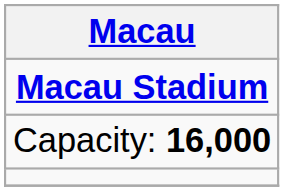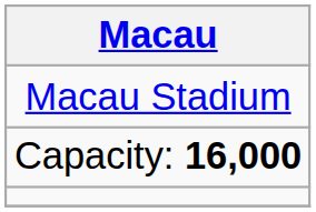 <table class="wikitable" style="text-align:center">
 <tr>
 <th><a href='#'>Macau</a></th>
 </tr>
 <tr>
-<td><strong><a href='#'>Macau Stadium</a></strong></td>
+<td><a href='#'>Macau Stadium</a></td>
 </tr>
 <tr>
 <td>Capacity: <strong>16,000</strong></td>
 </tr>
 <tr>
 <td></td>
 </tr>
 <tr>
 </tr>
 </table>
